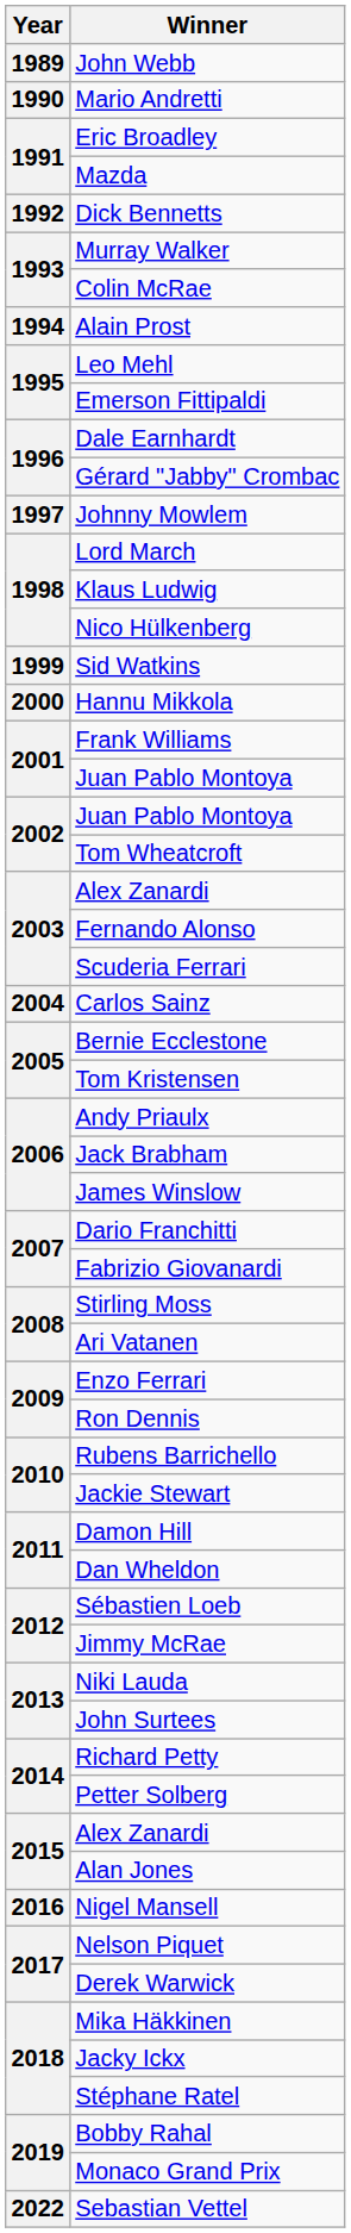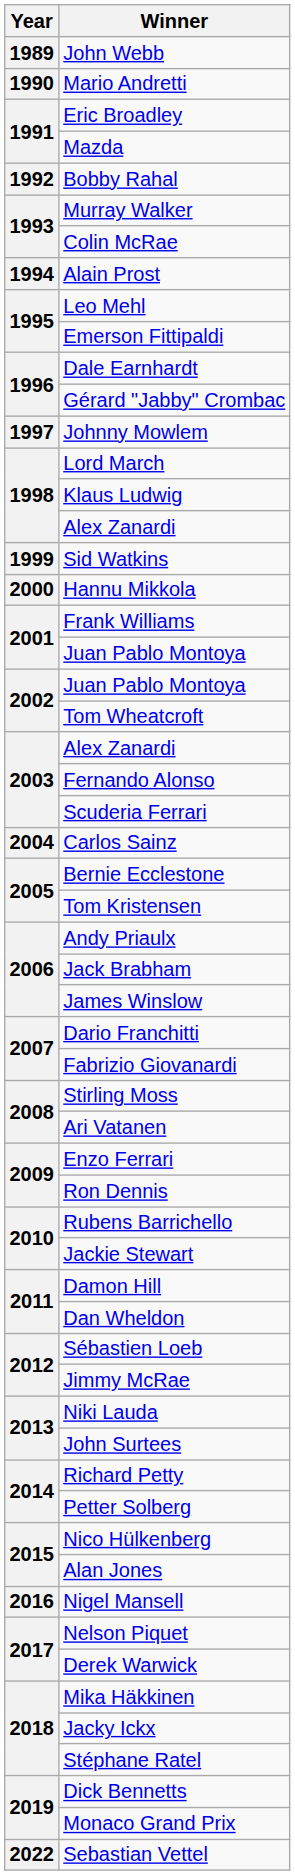 <table class="wikitable" style="font-size: 90%;">
 <tr>
 <th>Year</th>
 <th>Winner</th>
 </tr>
 <tr>
 <th>1989</th>
 <td><a href='#'>John Webb</a></td>
 </tr>
 <tr>
 <th>1990</th>
 <td><a href='#'>Mario Andretti</a></td>
 </tr>
 <tr>
 <th rowspan=2>1991</th>
 <td><a href='#'>Eric Broadley</a></td>
 </tr>
 <tr>
 <td><a href='#'>Mazda</a></td>
 </tr>
 <tr>
 <th>1992</th>
-<td><a href='#'>Dick Bennetts</a></td>
+<td><a href='#'>Bobby Rahal</a></td>
 </tr>
 <tr>
 <th rowspan=2>1993</th>
 <td><a href='#'>Murray Walker</a></td>
 </tr>
 <tr>
 <td><a href='#'>Colin McRae</a></td>
 </tr>
 <tr>
 <th>1994</th>
 <td><a href='#'>Alain Prost</a></td>
 </tr>
 <tr>
 <th rowspan=2>1995</th>
 <td><a href='#'>Leo Mehl</a></td>
 </tr>
 <tr>
 <td><a href='#'>Emerson Fittipaldi</a></td>
 </tr>
 <tr>
 <th rowspan=2>1996</th>
 <td><a href='#'>Dale Earnhardt</a></td>
 </tr>
 <tr>
 <td><a href='#'>Gérard "Jabby" Crombac</a></td>
 </tr>
 <tr>
 <th>1997</th>
 <td><a href='#'>Johnny Mowlem</a></td>
 </tr>
 <tr>
 <th rowspan=3>1998</th>
 <td><a href='#'>Lord March</a></td>
 </tr>
 <tr>
 <td><a href='#'>Klaus Ludwig</a></td>
 </tr>
 <tr>
-<td><a href='#'>Nico Hülkenberg</a></td>
+<td><a href='#'>Alex Zanardi</a></td>
 </tr>
 <tr>
 <th>1999</th>
 <td><a href='#'>Sid Watkins</a></td>
 </tr>
 <tr>
 <th>2000</th>
 <td><a href='#'>Hannu Mikkola</a></td>
 </tr>
 <tr>
 <th rowspan=2>2001</th>
 <td><a href='#'>Frank Williams</a></td>
 </tr>
 <tr>
 <td><a href='#'>Juan Pablo Montoya</a></td>
 </tr>
 <tr>
 <th rowspan=2>2002</th>
 <td><a href='#'>Juan Pablo Montoya</a></td>
 </tr>
 <tr>
 <td><a href='#'>Tom Wheatcroft</a></td>
 </tr>
 <tr>
 <th rowspan=3>2003</th>
 <td><a href='#'>Alex Zanardi</a></td>
 </tr>
 <tr>
 <td><a href='#'>Fernando Alonso</a></td>
 </tr>
 <tr>
 <td><a href='#'>Scuderia Ferrari</a></td>
 </tr>
 <tr>
 <th>2004</th>
 <td><a href='#'>Carlos Sainz</a></td>
 </tr>
 <tr>
 <th rowspan=2>2005</th>
 <td><a href='#'>Bernie Ecclestone</a></td>
 </tr>
 <tr>
 <td><a href='#'>Tom Kristensen</a></td>
 </tr>
 <tr>
 <th rowspan=3>2006</th>
 <td><a href='#'>Andy Priaulx</a></td>
 </tr>
 <tr>
 <td><a href='#'>Jack Brabham</a></td>
 </tr>
 <tr>
 <td><a href='#'>James Winslow</a></td>
 </tr>
 <tr>
 <th rowspan=2>2007</th>
 <td><a href='#'>Dario Franchitti</a></td>
 </tr>
 <tr>
 <td><a href='#'>Fabrizio Giovanardi</a></td>
 </tr>
 <tr>
 <th rowspan=2>2008</th>
 <td><a href='#'>Stirling Moss</a></td>
 </tr>
 <tr>
 <td><a href='#'>Ari Vatanen</a></td>
 </tr>
 <tr>
 <th rowspan=2>2009</th>
 <td><a href='#'>Enzo Ferrari</a></td>
 </tr>
 <tr>
 <td><a href='#'>Ron Dennis</a></td>
 </tr>
 <tr>
 <th rowspan=2>2010</th>
 <td><a href='#'>Rubens Barrichello</a></td>
 </tr>
 <tr>
 <td><a href='#'>Jackie Stewart</a></td>
 </tr>
 <tr>
 <th rowspan=2>2011</th>
 <td><a href='#'>Damon Hill</a></td>
 </tr>
 <tr>
 <td><a href='#'>Dan Wheldon</a></td>
 </tr>
 <tr>
 <th rowspan=2>2012</th>
 <td><a href='#'>Sébastien Loeb</a></td>
 </tr>
 <tr>
 <td><a href='#'>Jimmy McRae</a></td>
 </tr>
 <tr>
 <th rowspan=2>2013</th>
 <td><a href='#'>Niki Lauda</a></td>
 </tr>
 <tr>
 <td><a href='#'>John Surtees</a></td>
 </tr>
 <tr>
 <th rowspan=2>2014</th>
 <td><a href='#'>Richard Petty</a></td>
 </tr>
 <tr>
 <td><a href='#'>Petter Solberg</a></td>
 </tr>
 <tr>
 <th rowspan=2>2015</th>
-<td><a href='#'>Alex Zanardi</a></td>
+<td><a href='#'>Nico Hülkenberg</a></td>
 </tr>
 <tr>
 <td><a href='#'>Alan Jones</a></td>
 </tr>
 <tr>
 <th>2016</th>
 <td><a href='#'>Nigel Mansell</a></td>
 </tr>
 <tr>
 <th rowspan=2>2017</th>
 <td><a href='#'>Nelson Piquet</a></td>
 </tr>
 <tr>
 <td><a href='#'>Derek Warwick</a></td>
 </tr>
 <tr>
 <th rowspan=3>2018</th>
 <td><a href='#'>Mika Häkkinen</a></td>
 </tr>
 <tr>
 <td><a href='#'>Jacky Ickx</a></td>
 </tr>
 <tr>
 <td><a href='#'>Stéphane Ratel</a></td>
 </tr>
 <tr>
 <th rowspan=2>2019</th>
-<td><a href='#'>Bobby Rahal</a></td>
+<td><a href='#'>Dick Bennetts</a></td>
 </tr>
 <tr>
 <td><a href='#'>Monaco Grand Prix</a></td>
 </tr>
 <tr>
 <th>2022</th>
 <td><a href='#'>Sebastian Vettel</a></td>
 </tr>
 </table>
